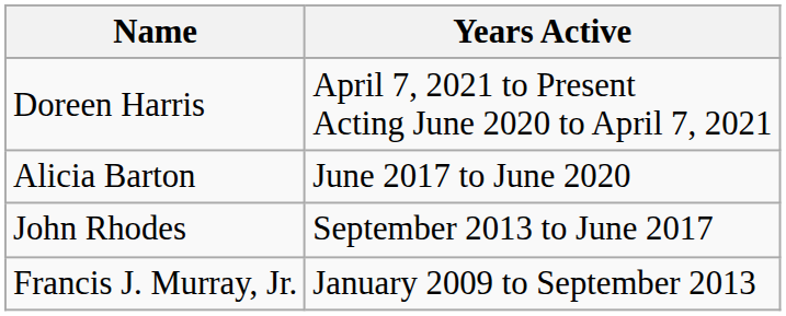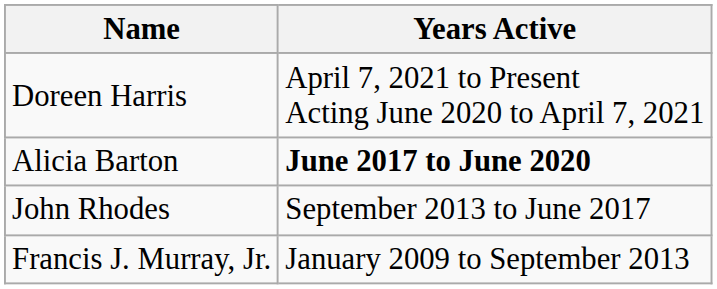 <table class="wikitable">
 <tr>
 <th>Name</th>
 <th>Years Active</th>
 </tr>
 <tr>
 <td>Doreen Harris</td>
 <td>April 7, 2021 to Present<br>Acting June 2020 to April 7, 2021</td>
 </tr>
 <tr>
 <td>Alicia Barton</td>
-<td>June 2017 to June 2020</td>
+<td><strong>June 2017 to June 2020</strong></td>
 </tr>
 <tr>
 <td>John Rhodes</td>
 <td>September 2013 to June 2017</td>
 </tr>
 <tr>
 <td>Francis J. Murray, Jr.</td>
 <td>January 2009 to September 2013</td>
 </tr>
 </table>
